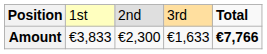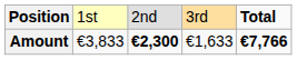 <table class="wikitable">
 <tr>
 <th>Position</th>
 <td bgcolor="#ffffbf">1st</td>
 <td bgcolor="#dfdfdf">2nd</td>
 <td bgcolor="#ffdf9f">3rd</td>
 <td><strong>Total</strong></td>
 </tr>
 <tr>
 <th>Amount</th>
 <td>€3,833</td>
-<td>€2,300</td>
+<td><strong>€2,300</strong></td>
 <td>€1,633</td>
 <td><strong>€7,766</strong></td>
 </tr>
 </table>
